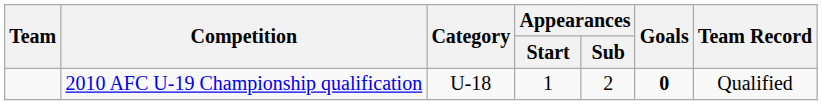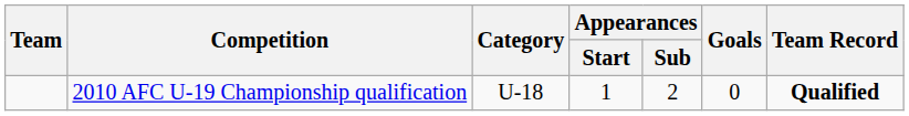 <table class="wikitable" style="text-align: center;">
 <tr>
 <th rowspan="2">Team</th>
 <th rowspan="2">Competition</th>
 <th rowspan="2">Category</th>
 <th colspan="2">Appearances</th>
 <th rowspan="2">Goals</th>
 <th rowspan="2">Team Record</th>
 </tr>
 <tr>
 <th>Start</th>
 <th>Sub</th>
 </tr>
 <tr>
 <td align="left"></td>
 <td><a href='#'>2010 AFC U-19 Championship qualification</a></td>
 <td>U-18</td>
 <td>1</td>
 <td>2</td>
-<td><strong>0</strong></td>
-<td>Qualified</td>
+<td>0</td>
+<td><strong>Qualified</strong></td>
 </tr>
 </table>
